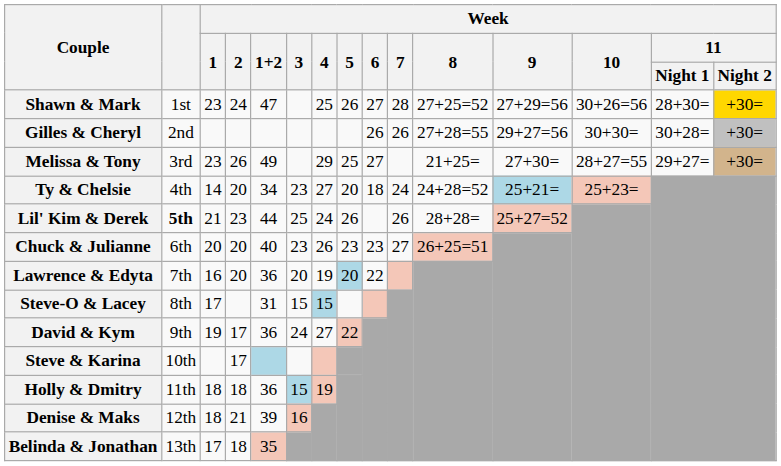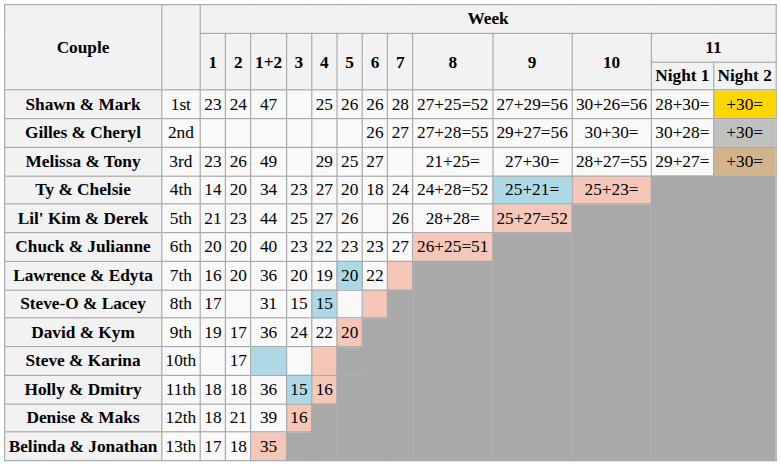 <table class="wikitable sortable" style="text-align:center; font-size:90%">
 <tr>
 <th scope="col" rowspan="3" style="text-align:center;">Couple</th>
 <th scope="col" rowspan="3" style="text-align:center;"></th>
 <th colspan="13" style="text-align:center;">Week</th>
 </tr>
 <tr>
 <th rowspan="2" scope="col">1</th>
 <th rowspan="2" scope="col">2</th>
 <th rowspan="2" scope="col">1+2</th>
 <th rowspan="2" scope="col">3</th>
 <th rowspan="2" scope="col">4</th>
 <th rowspan="2" scope="col">5</th>
 <th rowspan="2" scope="col">6</th>
 <th rowspan="2" scope="col">7</th>
 <th rowspan="2" scope="col">8</th>
 <th rowspan="2" scope="col">9</th>
 <th rowspan="2" scope="col">10</th>
 <th colspan="2" scope="col">11</th>
 </tr>
 <tr>
 <th>Night 1</th>
 <th>Night 2</th>
 </tr>
 <tr>
 <th scope="row">Shawn & Mark</th>
 <td>1st</td>
 <td>23</td>
 <td>24</td>
 <td>47</td>
 <td></td>
 <td>25</td>
 <td>26</td>
-<td>27</td>
+<td>26</td>
 <td>28</td>
 <td>27+25=52</td>
 <td>27+29=56</td>
 <td>30+26=56</td>
 <td>28+30=</td>
 <td bgcolor="gold" >+30=</td>
 </tr>
 <tr>
 <th scope="row">Gilles & Cheryl</th>
 <td>2nd</td>
 <td></td>
 <td></td>
 <td></td>
 <td></td>
 <td></td>
 <td></td>
 <td>26</td>
-<td>26</td>
+<td>27</td>
 <td>27+28=55</td>
 <td>29+27=56</td>
 <td>30+30=</td>
 <td>30+28=</td>
 <td bgcolor="silver" >+30=</td>
 </tr>
 <tr>
 <th scope="row">Melissa & Tony</th>
 <td>3rd</td>
 <td>23</td>
 <td>26</td>
 <td>49</td>
 <td></td>
 <td>29</td>
 <td>25</td>
 <td>27</td>
 <td></td>
 <td>21+25=</td>
 <td>27+30=</td>
 <td>28+27=55</td>
 <td>29+27=</td>
 <td bgcolor="tan" >+30=</td>
 </tr>
 <tr>
 <th scope="row">Ty & Chelsie</th>
 <td>4th</td>
 <td>14</td>
 <td>20</td>
 <td>34</td>
 <td>23</td>
 <td>27</td>
 <td>20</td>
 <td>18</td>
 <td>24</td>
 <td>24+28=52</td>
 <td bgcolor="lightblue" >25+21=</td>
 <td bgcolor="f4c7b8" >25+23=</td>
 <td colspan="2" rowspan="10" style="background:darkgrey;"></td>
 </tr>
 <tr>
 <th scope="row">Lil' Kim & Derek</th>
-<td><strong>5th</strong></td>
+<td>5th</td>
 <td>21</td>
 <td>23</td>
 <td>44</td>
 <td>25</td>
-<td>24</td>
+<td>27</td>
 <td>26</td>
 <td></td>
 <td>26</td>
 <td>28+28=</td>
 <td bgcolor="f4c7b8" >25+27=52</td>
 <td rowspan="9" style="background:darkgrey;"></td>
 </tr>
 <tr>
 <th scope="row">Chuck & Julianne</th>
 <td>6th</td>
 <td>20</td>
 <td>20</td>
 <td>40</td>
 <td>23</td>
-<td>26</td>
+<td>22</td>
 <td>23</td>
 <td>23</td>
 <td>27</td>
 <td bgcolor="f4c7b8" >26+25=51</td>
 <td rowspan="8" style="background:darkgrey;"></td>
 </tr>
 <tr>
 <th scope="row">Lawrence & Edyta</th>
 <td>7th</td>
 <td>16</td>
 <td>20</td>
 <td>36</td>
 <td>20</td>
 <td>19</td>
 <td bgcolor="lightblue">20</td>
 <td>22</td>
 <td bgcolor="f4c7b8"></td>
 <td rowspan="7" style="background:darkgrey;"></td>
 </tr>
 <tr>
 <th scope="row">Steve-O & Lacey</th>
 <td>8th</td>
 <td>17</td>
 <td></td>
 <td>31</td>
 <td>15</td>
 <td bgcolor="lightblue">15</td>
 <td></td>
 <td bgcolor="f4c7b8"></td>
 <td rowspan="6" style="background:darkgrey;"></td>
 </tr>
 <tr>
 <th scope="row">David & Kym</th>
 <td>9th</td>
 <td>19</td>
 <td>17</td>
 <td>36</td>
 <td>24</td>
-<td>27</td>
-<td bgcolor="f4c7b8">22</td>
+<td>22</td>
+<td bgcolor="f4c7b8">20</td>
 <td rowspan="5" style="background:darkgrey;"></td>
 </tr>
 <tr>
 <th scope="row">Steve & Karina</th>
 <td>10th</td>
 <td></td>
 <td>17</td>
 <td bgcolor="lightblue"></td>
 <td></td>
 <td bgcolor="f4c7b8"></td>
 <td style="background:darkgrey;"></td>
 </tr>
 <tr>
 <th scope="row">Holly & Dmitry</th>
 <td>11th</td>
 <td>18</td>
 <td>18</td>
 <td>36</td>
 <td bgcolor="lightblue">15</td>
-<td bgcolor="f4c7b8">19</td>
+<td bgcolor="f4c7b8">16</td>
 <td rowspan="3" style="background:darkgrey;"></td>
 </tr>
 <tr>
 <th scope="row">Denise & Maks</th>
 <td style="text-align:center;">12th</td>
 <td>18</td>
 <td>21</td>
 <td>39</td>
 <td bgcolor="f4c7b8">16</td>
 <td rowspan="2" style="background:darkgrey;"></td>
 </tr>
 <tr>
 <th scope="row">Belinda & Jonathan</th>
 <td style="text-align:center;">13th</td>
 <td>17</td>
 <td>18</td>
 <td bgcolor="f4c7b8">35</td>
 <td style="background:darkgrey;"></td>
 </tr>
 </table>
